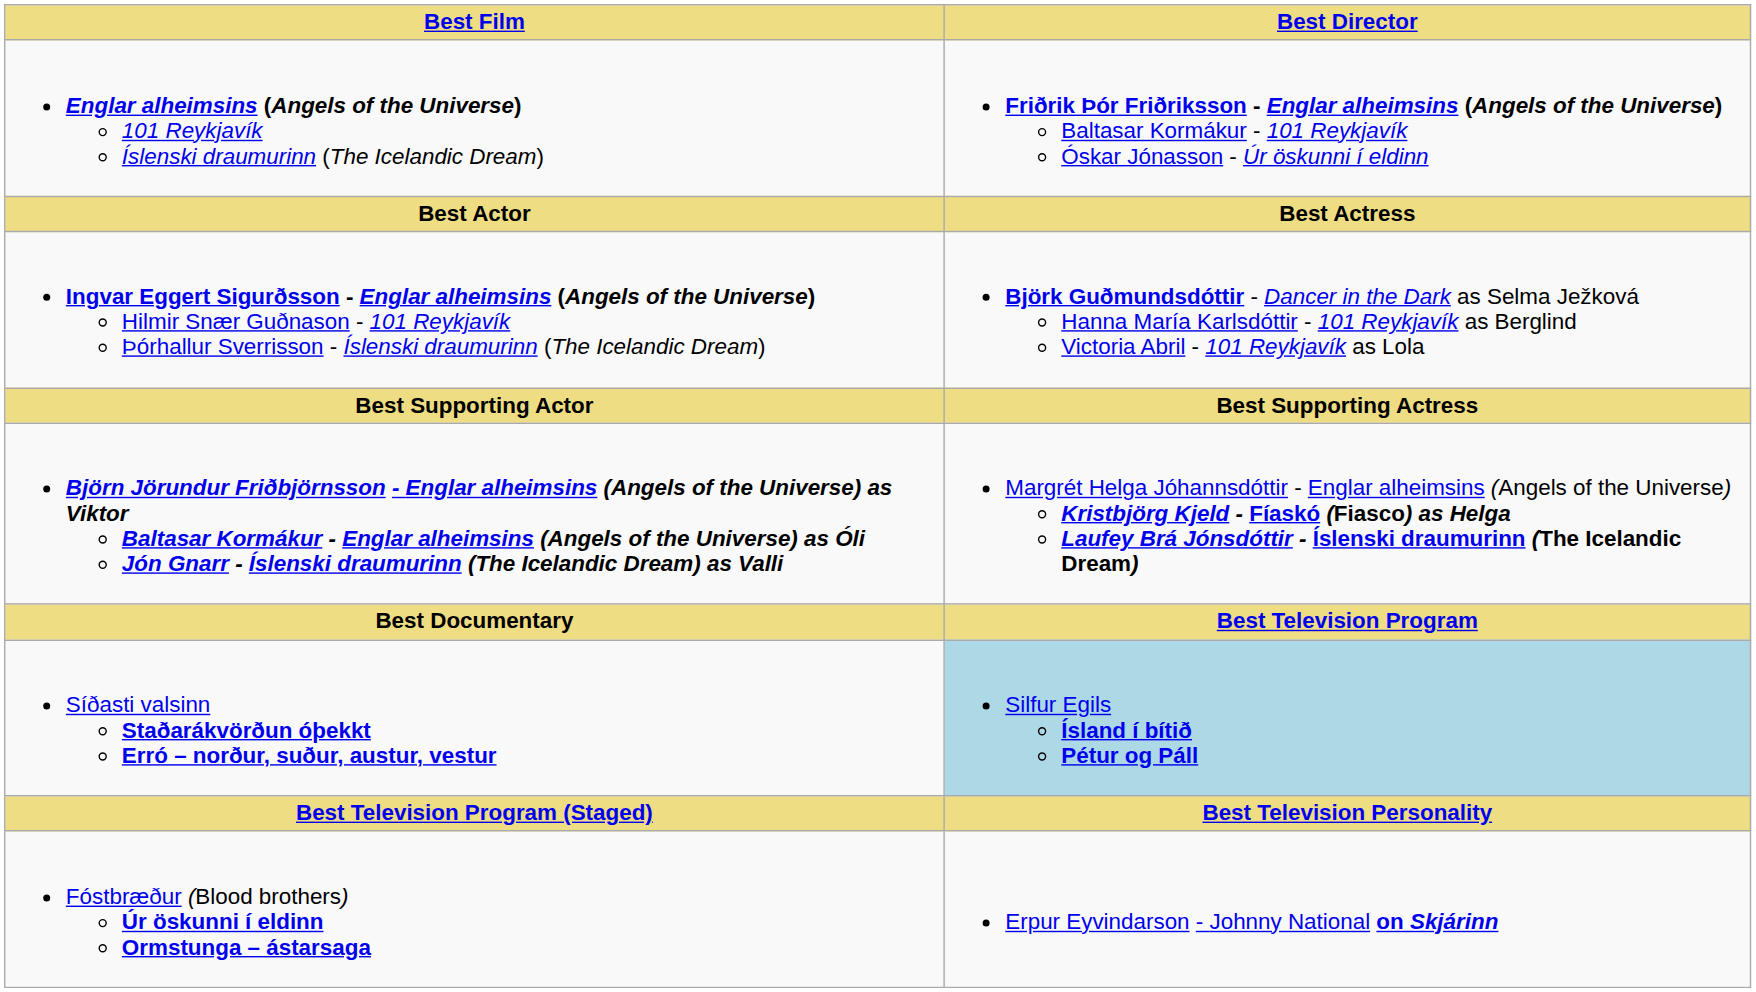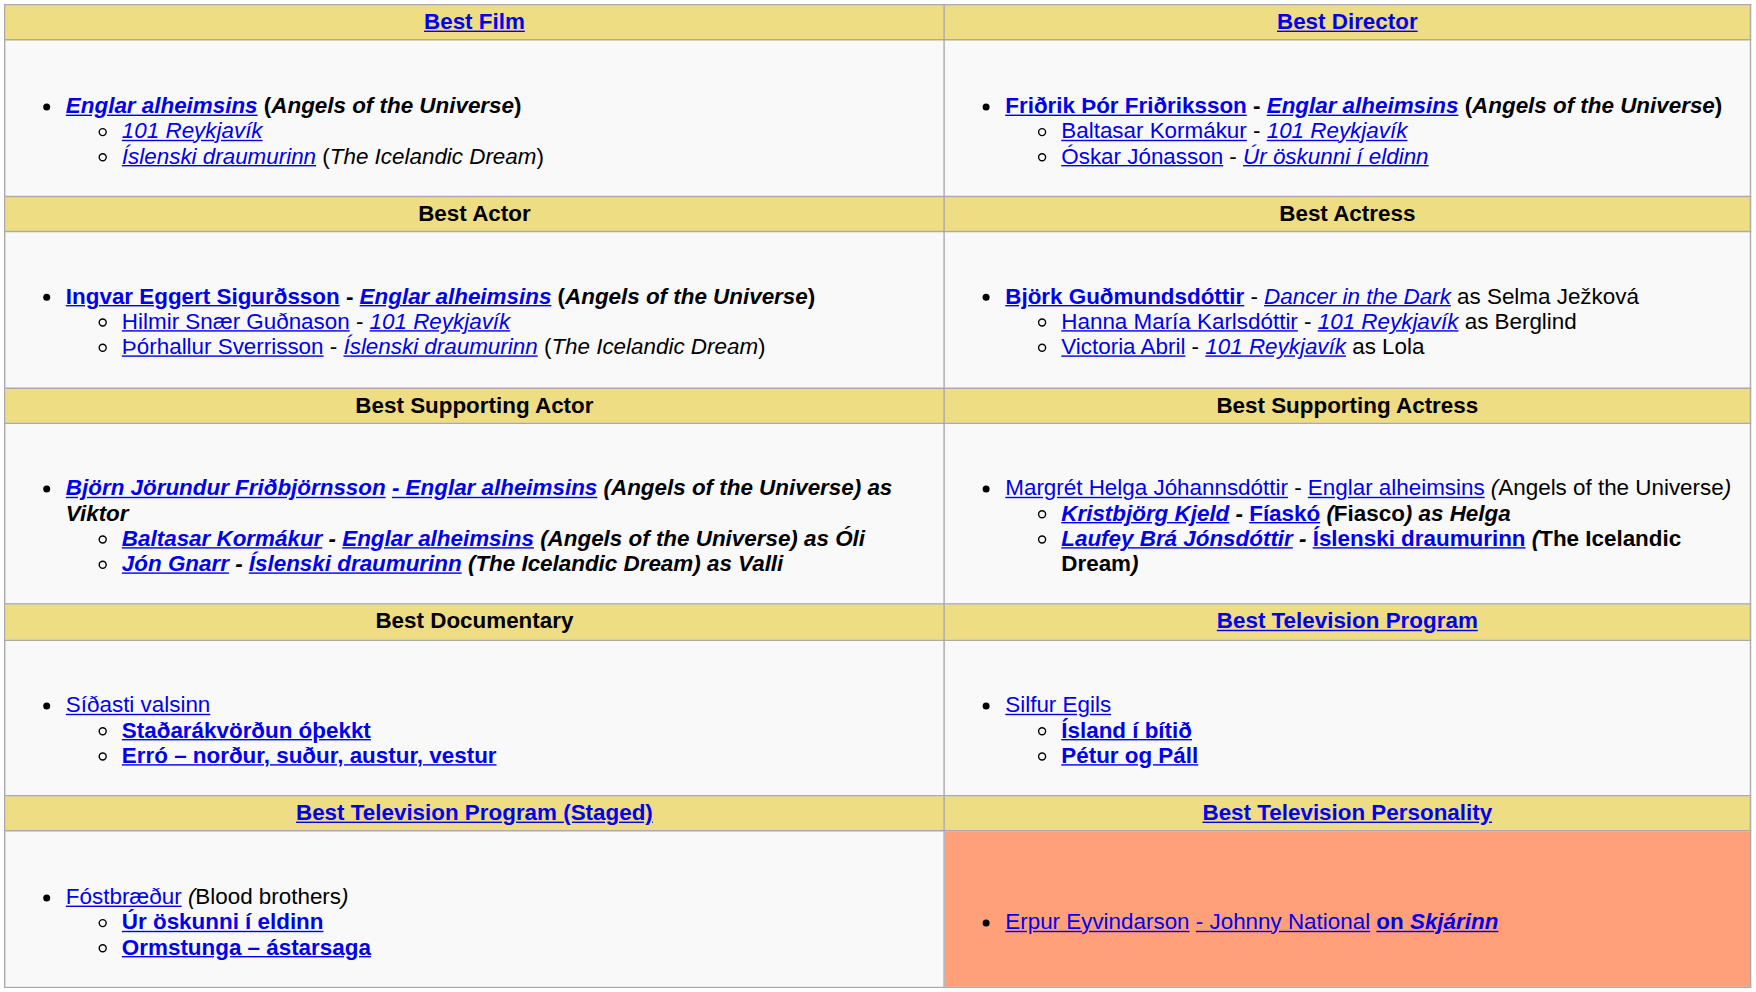 <table class="wikitable">
 <tr>
 <th style="background:#EEDD82;"><a href='#'>Best Film</a></th>
 <th style="background:#EEDD82;"><a href='#'>Best Director</a></th>
 </tr>
 <tr>
 <td><br><ul><li><strong><em><a href='#'>Englar alheimsins</a></em></strong> <strong>(<em>Angels of the Universe</em>)</strong><ul><li><em><a href='#'>101 Reykjavík</a></em></li><li><em><a href='#'>Íslenski draumurinn</a></em> (<em>The Icelandic Dream</em>)</li></ul></li></ul></td>
 <td><br><ul><li><strong><a href='#'>Friðrik Þór Friðriksson</a></strong> <strong>-<em> <a href='#'>Englar alheimsins</a></em> (<em>Angels of the Universe</em>)</strong><ul><li><a href='#'>Baltasar Kormákur</a> - <em><a href='#'>101 Reykjavík</a></em></li><li><a href='#'>Óskar Jónasson</a> - <em><a href='#'>Úr öskunni í eldinn</a></em></li></ul></li></ul></td>
 </tr>
 <tr>
 <th style="background:#EEDD82;">Best Actor</th>
 <th style="background:#EEDD82;">Best Actress</th>
 </tr>
 <tr>
 <td><br><ul><li><a href='#'><strong>Ingvar Eggert Sigurðsson</strong></a> <strong>- <em><a href='#'>Englar alheimsins</a></em> (<em>Angels of the Universe</em>)</strong><ul><li><a href='#'>Hilmir Snær Guðnason</a> - <em><a href='#'>101 Reykjavík</a></em></li><li><a href='#'>Þórhallur Sverrisson</a> - <em><a href='#'>Íslenski draumurinn</a></em> (<em>The Icelandic Dream</em>)</li></ul></li></ul></td>
 <td><br><ul><li><strong><a href='#'>Björk Guðmundsdóttir</a></strong> - <em><a href='#'>Dancer in the Dark</a></em> as Selma Ježková<ul><li><a href='#'>Hanna María Karlsdóttir</a> - <em><a href='#'>101 Reykjavík</a></em> as Berglind</li><li><a href='#'>Victoria Abril</a> - <em><a href='#'>101 Reykjavík</a></em> as Lola</li></ul></li></ul></td>
 </tr>
 <tr>
 <th style="background:#EEDD82;">Best Supporting Actor</th>
 <th style="background:#EEDD82;">Best Supporting Actress</th>
 </tr>
 <tr>
 <td><br><ul><li><em><a href='#'><strong>Björn Jörundur Friðbjörnsson</strong></a></em> <em><a href='#'><strong>- </strong></a><strong><a href='#'>Englar alheimsins</a><strong><em> </strong>(</em>Angels of the Universe<em>)<strong> as Viktor<ul><li><a href='#'>Baltasar Kormákur</a> - </em><a href='#'>Englar alheimsins</a><em> (</em>Angels of the Universe<em>) as Óli</li><li><a href='#'>Jón Gnarr</a> - </em><a href='#'>Íslenski draumurinn</a><em> (</em>The Icelandic Dream<em>) as Valli</li></ul></li></ul></td>
 <td><br><ul><li></strong><a href='#'>Margrét Helga Jóhannsdóttir</a> - </em><a href='#'>Englar alheimsins</a><em> (</em>Angels of the Universe<em>)<strong><ul><li><a href='#'>Kristbjörg Kjeld</a> - </em><a href='#'>Fíaskó</a><em> (</em>Fiasco<em>) as Helga</li><li><a href='#'>Laufey Brá Jónsdóttir</a> - </em><a href='#'>Íslenski draumurinn</a><em> (</em>The Icelandic Dream<em>)</li></ul></li></ul></td>
 </tr>
 <tr>
 <th style="background:#EEDD82;">Best Documentary</th>
 <th style="background:#EEDD82;"><a href='#'>Best Television Program</a></th>
 </tr>
 <tr>
 <td><br><ul><li></em></strong><a href='#'>Síðasti valsinn</a><strong><em><ul><li></em><a href='#'>Staðarákvörðun óþekkt</a><em></li><li></em><a href='#'>Erró – norður, suður, austur, vestur</a><em></li></ul></li></ul></td>
-<td style="background: lightblue;"><br><ul><li></em></strong><a href='#'>Silfur Egils</a><strong><em><ul><li></em><a href='#'>Ísland í bítið</a><em></li><li></em><a href='#'>Pétur og Páll</a><em></li></ul></li></ul></td>
+<td><br><ul><li></em></strong><a href='#'>Silfur Egils</a><strong><em><ul><li></em><a href='#'>Ísland í bítið</a><em></li><li></em><a href='#'>Pétur og Páll</a><em></li></ul></li></ul></td>
 </tr>
 <tr>
 <th style="background:#EEDD82;"><a href='#'>Best Television Program (Staged)</a></th>
 <th style="background:#EEDD82;"><a href='#'>Best Television Personality</a></th>
 </tr>
 <tr>
 <td><br><ul><li></em></strong><a href='#'>Fóstbræður</a><strong><em> </strong>(</em>Blood brothers<em>)<strong><ul><li></em><a href='#'>Úr öskunni í eldinn</a><em></li><li></em><a href='#'>Ormstunga – ástarsaga</a><em></li></ul></li></ul></td>
-<td><br><ul><li></em><a href='#'></strong>Erpur Eyvindarson<strong></a><em> </em><a href='#'></strong>- <strong></a></strong><a href='#'>Johnny National</a></em></strong> <a href='#'><strong>on </strong></a><strong><em><a href='#'>Skjárinn</a></em></strong></li></ul></td>
+<td style="background: lightsalmon;"><br><ul><li></em><a href='#'></strong>Erpur Eyvindarson<strong></a><em> </em><a href='#'></strong>- <strong></a></strong><a href='#'>Johnny National</a></em></strong> <a href='#'><strong>on </strong></a><strong><em><a href='#'>Skjárinn</a></em></strong></li></ul></td>
 </tr>
 </table>
